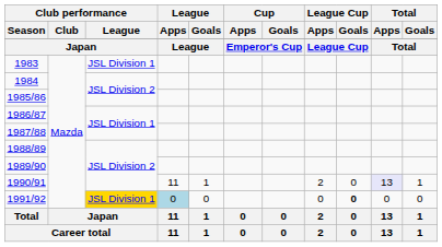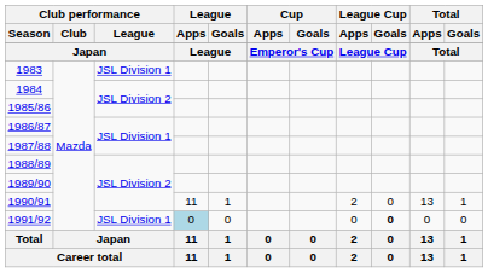 <table class="wikitable" style="text-align:center">
 <tr>
 <th colspan=3>Club performance</th>
 <th colspan=2>League</th>
 <th colspan=2>Cup</th>
 <th colspan=2>League Cup</th>
 <th colspan=2>Total</th>
 </tr>
 <tr>
 <th>Season</th>
 <th>Club</th>
 <th>League</th>
 <th>Apps</th>
 <th>Goals</th>
 <th>Apps</th>
 <th>Goals</th>
 <th>Apps</th>
 <th>Goals</th>
 <th>Apps</th>
 <th>Goals</th>
 </tr>
 <tr>
 </tr>
 <tr>
 <th colspan=3>Japan</th>
 <th colspan=2>League</th>
 <th colspan=2><a href='#'>Emperor's Cup</a></th>
 <th colspan=2><a href='#'>League Cup</a></th>
 <th colspan=2>Total</th>
 </tr>
 <tr>
 <td><a href='#'>1983</a></td>
 <td rowspan="9"><a href='#'>Mazda</a></td>
 <td><a href='#'>JSL Division 1</a></td>
 <td></td>
 <td></td>
 <td></td>
 <td></td>
 <td></td>
 <td></td>
 <td></td>
 <td></td>
 </tr>
 <tr>
 <td><a href='#'>1984</a></td>
 <td rowspan="2"><a href='#'>JSL Division 2</a></td>
 <td></td>
 <td></td>
 <td></td>
 <td></td>
 <td></td>
 <td></td>
 <td></td>
 <td></td>
 </tr>
 <tr>
 <td><a href='#'>1985/86</a></td>
 <td></td>
 <td></td>
 <td></td>
 <td></td>
 <td></td>
 <td></td>
 <td></td>
 <td></td>
 </tr>
 <tr>
 <td><a href='#'>1986/87</a></td>
 <td rowspan="2"><a href='#'>JSL Division 1</a></td>
 <td></td>
 <td></td>
 <td></td>
 <td></td>
 <td></td>
 <td></td>
 <td></td>
 <td></td>
 </tr>
 <tr>
 <td><a href='#'>1987/88</a></td>
 <td></td>
 <td></td>
 <td></td>
 <td></td>
 <td></td>
 <td></td>
 <td></td>
 <td></td>
 </tr>
 <tr>
 <td><a href='#'>1988/89</a></td>
 <td rowspan="3"><a href='#'>JSL Division 2</a></td>
 <td></td>
 <td></td>
 <td></td>
 <td></td>
 <td></td>
 <td></td>
 <td></td>
 <td></td>
 </tr>
 <tr>
 <td><a href='#'>1989/90</a></td>
 <td></td>
 <td></td>
 <td></td>
 <td></td>
 <td></td>
 <td></td>
 <td></td>
 <td></td>
 </tr>
 <tr>
 <td><a href='#'>1990/91</a></td>
 <td>11</td>
 <td>1</td>
 <td></td>
 <td></td>
 <td>2</td>
 <td>0</td>
-<td style="background: lavender;">13</td>
+<td>13</td>
 <td>1</td>
 </tr>
 <tr>
 <td><a href='#'>1991/92</a></td>
-<td style="background: gold;"><a href='#'>JSL Division 1</a></td>
+<td><a href='#'>JSL Division 1</a></td>
 <td style="background: lightblue;">0</td>
 <td>0</td>
 <td></td>
 <td></td>
 <td>0</td>
 <td><strong>0</strong></td>
 <td>0</td>
 <td>0</td>
 </tr>
 <tr>
 <th rowspan=1>Total</th>
 <th colspan=2>Japan</th>
 <th>11</th>
 <th>1</th>
 <th>0</th>
 <th>0</th>
 <th>2</th>
 <th>0</th>
 <th>13</th>
 <th>1</th>
 </tr>
 <tr>
 <th colspan=3>Career total</th>
 <th>11</th>
 <th>1</th>
 <th>0</th>
 <th>0</th>
 <th>2</th>
 <th>0</th>
 <th>13</th>
 <th>1</th>
 </tr>
 </table>
